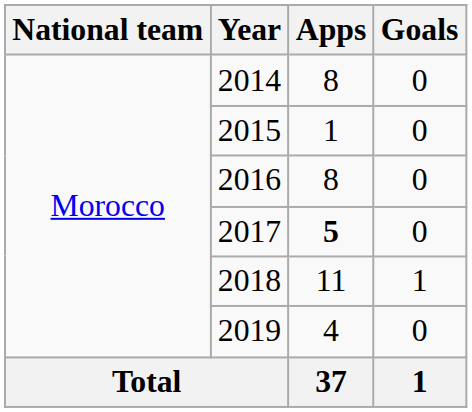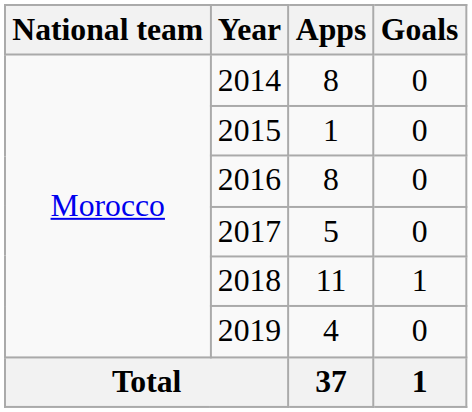 <table class="wikitable" style="text-align:center">
 <tr>
 <th>National team</th>
 <th>Year</th>
 <th>Apps</th>
 <th>Goals</th>
 </tr>
 <tr>
 <td rowspan="6"><a href='#'>Morocco</a></td>
 <td>2014</td>
 <td>8</td>
 <td>0</td>
 </tr>
 <tr>
 <td>2015</td>
 <td>1</td>
 <td>0</td>
 </tr>
 <tr>
 <td>2016</td>
 <td>8</td>
 <td>0</td>
 </tr>
 <tr>
 <td>2017</td>
-<td><strong>5</strong></td>
+<td>5</td>
 <td>0</td>
 </tr>
 <tr>
 <td>2018</td>
 <td>11</td>
 <td>1</td>
 </tr>
 <tr>
 <td>2019</td>
 <td>4</td>
 <td>0</td>
 </tr>
 <tr>
 <th colspan="2">Total</th>
 <th>37</th>
 <th>1</th>
 </tr>
 </table>
